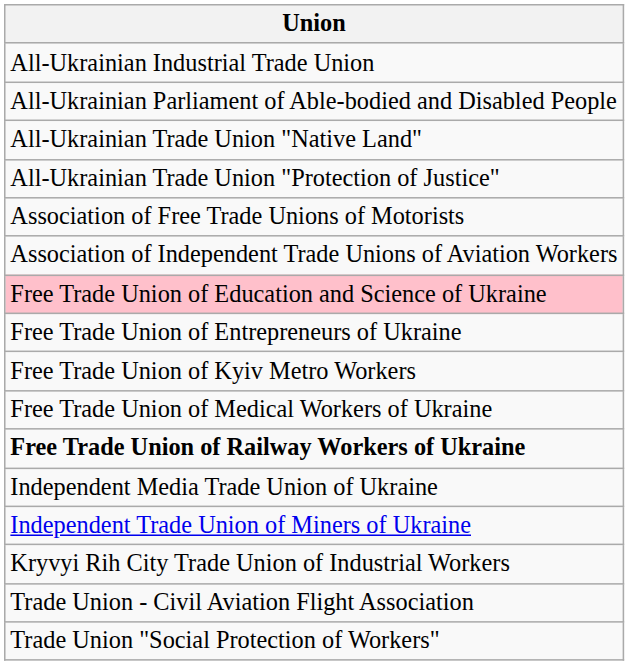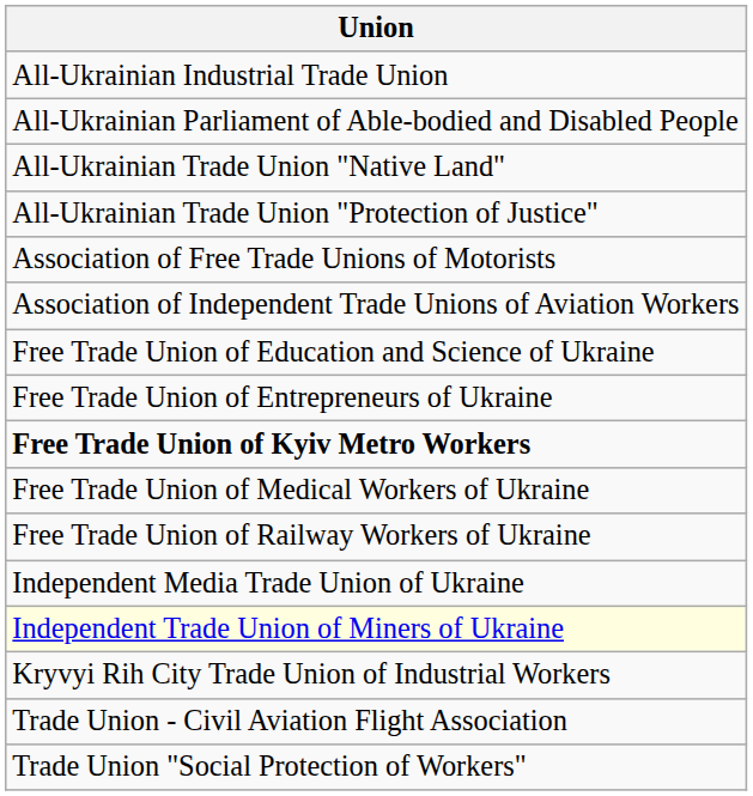 <table class="wikitable sortable">
 <tr>
 <th>Union</th>
 </tr>
 <tr>
 <td>All-Ukrainian Industrial Trade Union</td>
 </tr>
 <tr>
 <td>All-Ukrainian Parliament of Able-bodied and Disabled People</td>
 </tr>
 <tr>
 <td>All-Ukrainian Trade Union "Native Land"</td>
 </tr>
 <tr>
 <td>All-Ukrainian Trade Union "Protection of Justice"</td>
 </tr>
 <tr>
 <td>Association of Free Trade Unions of Motorists</td>
 </tr>
 <tr>
 <td>Association of Independent Trade Unions of Aviation Workers</td>
 </tr>
 <tr>
-<td style="background: pink;">Free Trade Union of Education and Science of Ukraine</td>
+<td>Free Trade Union of Education and Science of Ukraine</td>
 </tr>
 <tr>
 <td>Free Trade Union of Entrepreneurs of Ukraine</td>
 </tr>
 <tr>
-<td>Free Trade Union of Kyiv Metro Workers</td>
+<td><strong>Free Trade Union of Kyiv Metro Workers</strong></td>
 </tr>
 <tr>
 <td>Free Trade Union of Medical Workers of Ukraine</td>
 </tr>
 <tr>
-<td><strong>Free Trade Union of Railway Workers of Ukraine</strong></td>
+<td>Free Trade Union of Railway Workers of Ukraine</td>
 </tr>
 <tr>
 <td>Independent Media Trade Union of Ukraine</td>
 </tr>
 <tr>
-<td><a href='#'>Independent Trade Union of Miners of Ukraine</a></td>
+<td style="background: lightyellow;"><a href='#'>Independent Trade Union of Miners of Ukraine</a></td>
 </tr>
 <tr>
 <td>Kryvyi Rih City Trade Union of Industrial Workers</td>
 </tr>
 <tr>
 <td>Trade Union - Civil Aviation Flight Association</td>
 </tr>
 <tr>
 <td>Trade Union "Social Protection of Workers"</td>
 </tr>
 </table>
